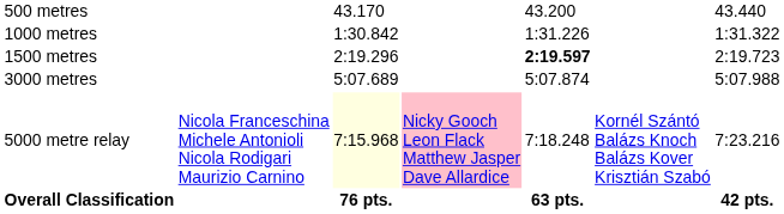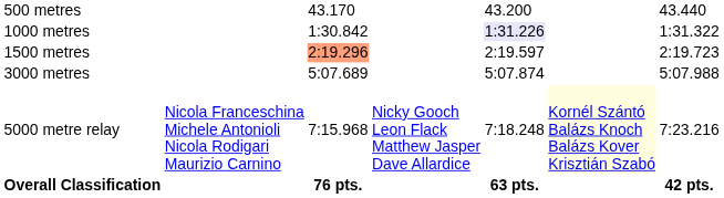 <table>
 <tr>
 <td>500 metres</td>
 <td></td>
 <td>43.170</td>
 <td></td>
 <td>43.200</td>
 <td></td>
 <td>43.440</td>
 </tr>
 <tr>
 <td>1000 metres</td>
 <td></td>
 <td>1:30.842</td>
 <td></td>
-<td>1:31.226</td>
+<td style="background: lavender;">1:31.226</td>
 <td></td>
 <td>1:31.322</td>
 </tr>
 <tr>
 <td>1500 metres</td>
 <td></td>
-<td>2:19.296</td>
+<td style="background: lightsalmon;">2:19.296</td>
 <td></td>
-<td><strong>2:19.597</strong></td>
+<td>2:19.597</td>
 <td></td>
 <td>2:19.723</td>
 </tr>
 <tr>
 <td>3000 metres</td>
 <td></td>
 <td>5:07.689</td>
 <td></td>
 <td>5:07.874</td>
 <td></td>
 <td>5:07.988</td>
 </tr>
 <tr>
 <td>5000 metre relay</td>
 <td valign=top><br><a href='#'>Nicola Franceschina</a><br><a href='#'>Michele Antonioli</a><br><a href='#'>Nicola Rodigari</a><br><a href='#'>Maurizio Carnino</a></td>
-<td style="background: lightyellow;">7:15.968</td>
-<td valign=top style="background: pink;"><br><a href='#'>Nicky Gooch</a><br><a href='#'>Leon Flack</a><br><a href='#'>Matthew Jasper</a><br><a href='#'>Dave Allardice</a></td>
+<td>7:15.968</td>
+<td valign=top><br><a href='#'>Nicky Gooch</a><br><a href='#'>Leon Flack</a><br><a href='#'>Matthew Jasper</a><br><a href='#'>Dave Allardice</a></td>
 <td>7:18.248</td>
-<td valign=top><br><a href='#'>Kornél Szántó</a><br><a href='#'>Balázs Knoch</a><br><a href='#'>Balázs Kover</a><br><a href='#'>Krisztián Szabó</a></td>
+<td valign=top style="background: lightyellow;"><br><a href='#'>Kornél Szántó</a><br><a href='#'>Balázs Knoch</a><br><a href='#'>Balázs Kover</a><br><a href='#'>Krisztián Szabó</a></td>
 <td>7:23.216</td>
 </tr>
 <tr>
 <th>Overall Classification</th>
 <th></th>
 <th>76 pts.</th>
 <th></th>
 <th>63 pts.</th>
 <th></th>
 <th>42 pts.</th>
 </tr>
 </table>
